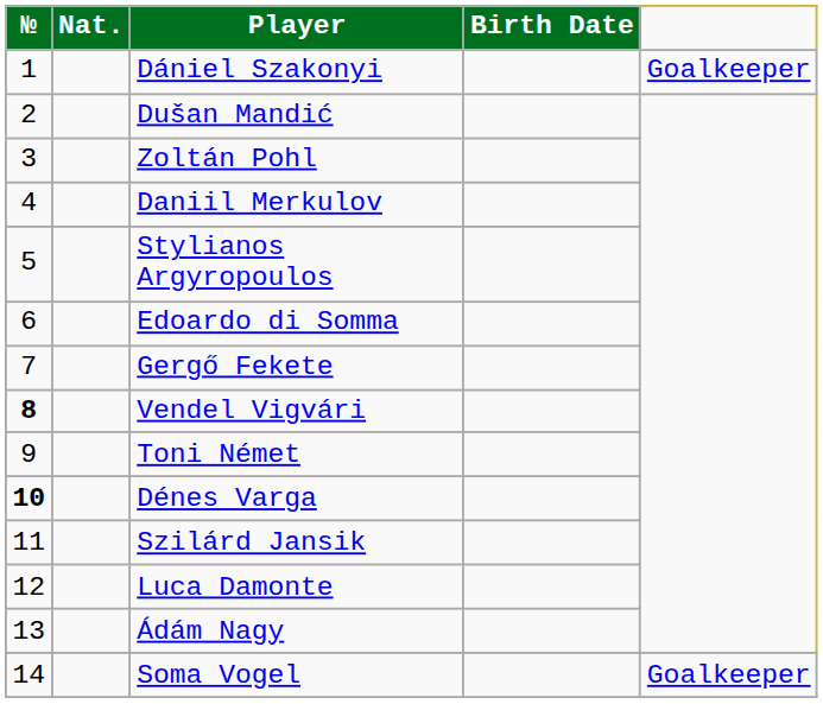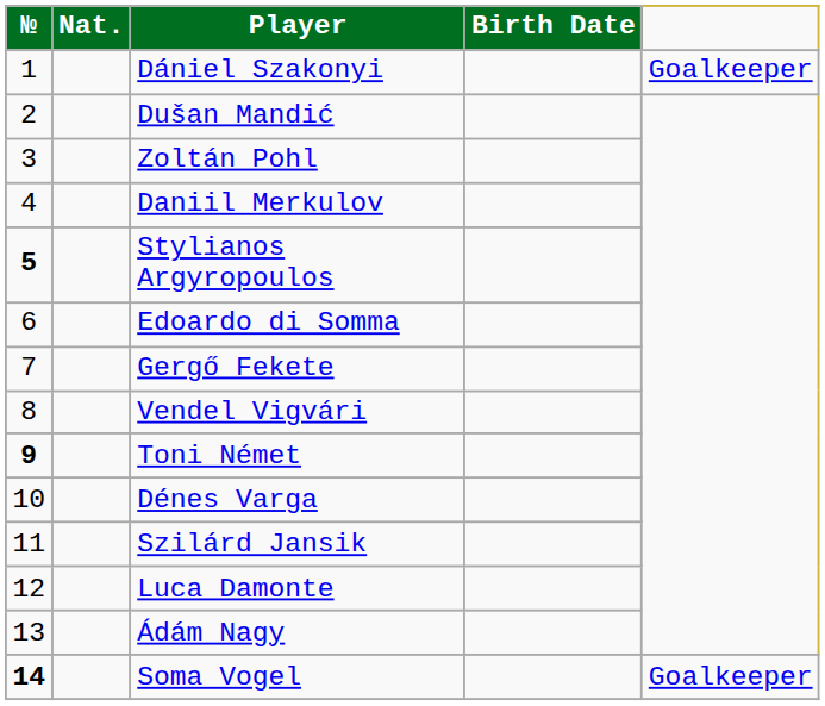 <table class=wikitable bgcolor="#f7f8ff" cellpadding="3" cellspacing="0" border="1" style="font-size: 95%; border: 1px solid #CFB53B; border-collapse: collapse;">
 <tr style="color: #FFFFFF;background:#007020">
 <td align=center><strong>№</strong></td>
 <td align=center><strong>Nat.</strong></td>
 <td width=145; align=center><strong>Player</strong></td>
 <td align=center><strong>Birth Date</strong></td>
 </tr>
 <tr>
 <td align=center>1</td>
 <td align=center></td>
 <td><a href='#'>Dániel Szakonyi</a></td>
 <td></td>
 <td><a href='#'>Goalkeeper</a></td>
 </tr>
 <tr>
 <td align=center>2</td>
 <td align=center></td>
 <td><a href='#'>Dušan Mandić</a></td>
 <td></td>
 </tr>
 <tr>
 <td align=center>3</td>
 <td align=center></td>
 <td><a href='#'>Zoltán Pohl</a></td>
 <td></td>
 </tr>
 <tr>
 <td align=center>4</td>
 <td align=center></td>
 <td><a href='#'>Daniil Merkulov</a></td>
 <td></td>
 </tr>
 <tr>
-<td align=center>5</td>
+<td align=center><strong>5</strong></td>
 <td align=center></td>
 <td><a href='#'>Stylianos Argyropoulos</a></td>
 <td></td>
 </tr>
 <tr>
 <td align=center>6</td>
 <td align=center></td>
 <td><a href='#'>Edoardo di Somma</a></td>
 <td></td>
 </tr>
 <tr>
 <td align=center>7</td>
 <td align=center></td>
 <td><a href='#'>Gergő Fekete</a></td>
 <td></td>
 </tr>
 <tr>
-<td align=center><strong>8</strong></td>
+<td align=center>8</td>
 <td align=center></td>
 <td><a href='#'>Vendel Vigvári</a></td>
 <td></td>
 </tr>
 <tr>
-<td align=center>9</td>
+<td align=center><strong>9</strong></td>
 <td align=center></td>
 <td><a href='#'>Toni Német</a></td>
 <td></td>
 </tr>
 <tr>
-<td align=center><strong>10</strong></td>
+<td align=center>10</td>
 <td align=center></td>
 <td><a href='#'>Dénes Varga </a></td>
 <td></td>
 </tr>
 <tr>
 <td align=center>11</td>
 <td align=center></td>
 <td><a href='#'>Szilárd Jansik</a></td>
 <td></td>
 </tr>
 <tr>
 <td align=center>12</td>
 <td align=center></td>
 <td><a href='#'>Luca Damonte</a></td>
 <td></td>
 </tr>
 <tr>
 <td align=center>13</td>
 <td align=center></td>
 <td><a href='#'>Ádám Nagy</a></td>
 <td></td>
 </tr>
 <tr>
-<td align=center>14</td>
+<td align=center><strong>14</strong></td>
 <td align=center></td>
 <td><a href='#'>Soma Vogel</a></td>
 <td></td>
 <td><a href='#'>Goalkeeper</a></td>
 </tr>
 </table>
